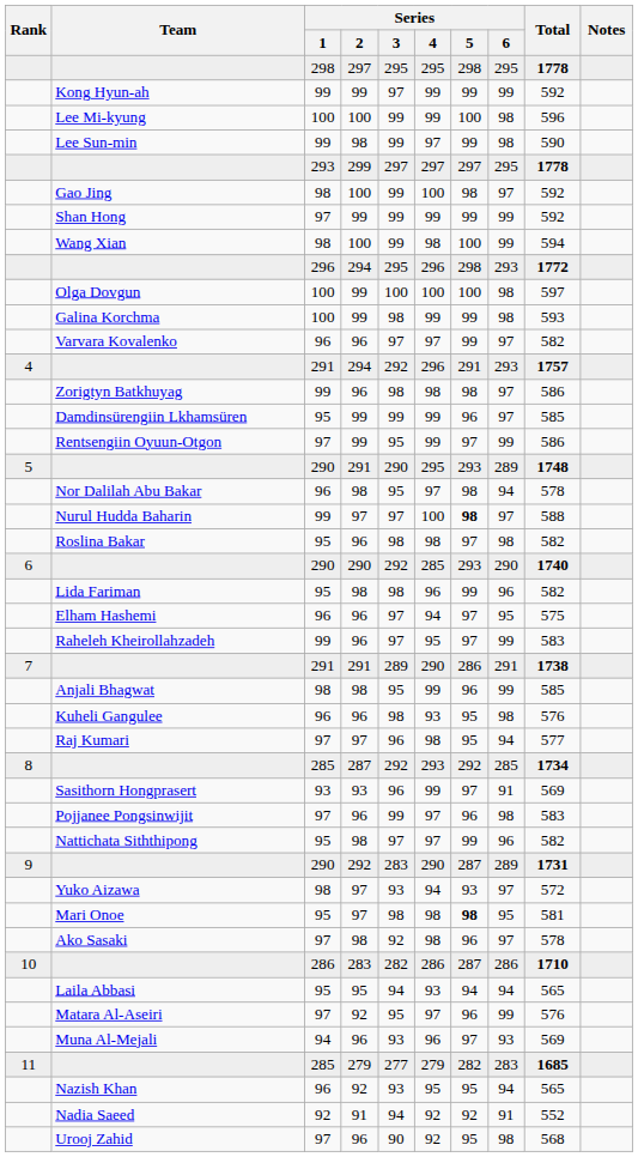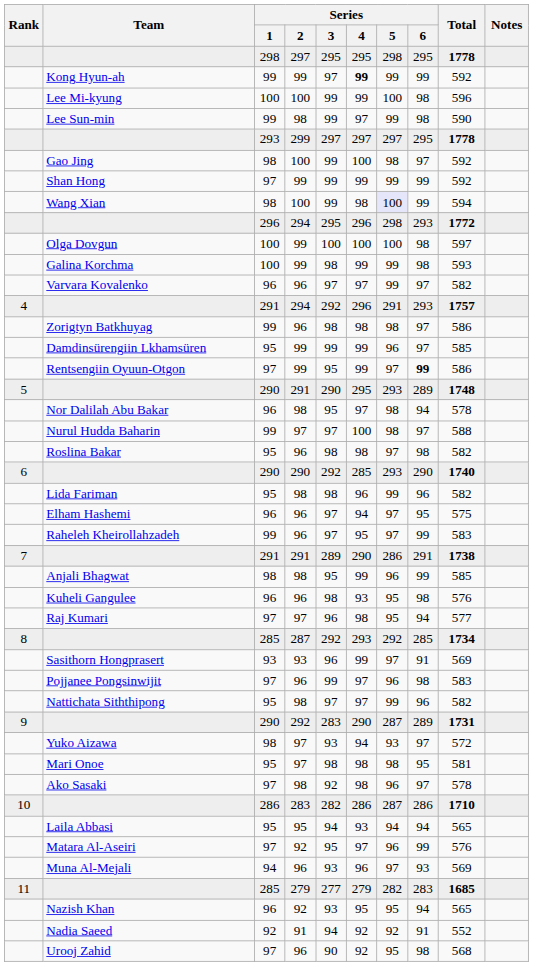 <table class="wikitable" style="text-align:center">
 <tr>
 <th rowspan=2 width=40>Rank</th>
 <th rowspan=2 width=250>Team</th>
 <th colspan=6>Series</th>
 <th rowspan=2 width=50>Total</th>
 <th rowspan=2 width=45>Notes</th>
 </tr>
 <tr>
 <th width=30>1</th>
 <th width=30>2</th>
 <th width=30>3</th>
 <th width=30>4</th>
 <th width=30>5</th>
 <th width=30>6</th>
 </tr>
 <tr bgcolor=eeeeee>
 <td></td>
 <td align=left></td>
 <td>298</td>
 <td>297</td>
 <td>295</td>
 <td>295</td>
 <td>298</td>
 <td>295</td>
 <td><strong>1778</strong></td>
 <td></td>
 </tr>
 <tr>
 <td></td>
 <td align=left><a href='#'>Kong Hyun-ah</a></td>
 <td>99</td>
 <td>99</td>
 <td>97</td>
-<td>99</td>
+<td><strong>99</strong></td>
 <td>99</td>
 <td>99</td>
 <td>592</td>
 <td></td>
 </tr>
 <tr>
 <td></td>
 <td align=left><a href='#'>Lee Mi-kyung</a></td>
 <td>100</td>
 <td>100</td>
 <td>99</td>
 <td>99</td>
 <td>100</td>
 <td>98</td>
 <td>596</td>
 <td></td>
 </tr>
 <tr>
 <td></td>
 <td align=left><a href='#'>Lee Sun-min</a></td>
 <td>99</td>
 <td>98</td>
 <td>99</td>
 <td>97</td>
 <td>99</td>
 <td>98</td>
 <td>590</td>
 <td></td>
 </tr>
 <tr bgcolor=eeeeee>
 <td></td>
 <td align=left></td>
 <td>293</td>
 <td>299</td>
 <td>297</td>
 <td>297</td>
 <td>297</td>
 <td>295</td>
 <td><strong>1778</strong></td>
 <td></td>
 </tr>
 <tr>
 <td></td>
 <td align=left><a href='#'>Gao Jing</a></td>
 <td>98</td>
 <td>100</td>
 <td>99</td>
 <td>100</td>
 <td>98</td>
 <td>97</td>
 <td>592</td>
 <td></td>
 </tr>
 <tr>
 <td></td>
 <td align=left><a href='#'>Shan Hong</a></td>
 <td>97</td>
 <td>99</td>
 <td>99</td>
 <td>99</td>
 <td>99</td>
 <td>99</td>
 <td>592</td>
 <td></td>
 </tr>
 <tr>
 <td></td>
 <td align=left><a href='#'>Wang Xian</a></td>
 <td>98</td>
 <td>100</td>
 <td>99</td>
 <td>98</td>
-<td>100</td>
+<td style="background: lavender;">100</td>
 <td>99</td>
 <td>594</td>
 <td></td>
 </tr>
 <tr bgcolor=eeeeee>
 <td></td>
 <td align=left></td>
 <td>296</td>
 <td>294</td>
 <td>295</td>
 <td>296</td>
 <td>298</td>
 <td>293</td>
 <td><strong>1772</strong></td>
 <td></td>
 </tr>
 <tr>
 <td></td>
 <td align=left><a href='#'>Olga Dovgun</a></td>
 <td>100</td>
 <td>99</td>
 <td>100</td>
 <td>100</td>
 <td>100</td>
 <td>98</td>
 <td>597</td>
 <td></td>
 </tr>
 <tr>
 <td></td>
 <td align=left><a href='#'>Galina Korchma</a></td>
 <td>100</td>
 <td>99</td>
 <td>98</td>
 <td>99</td>
 <td>99</td>
 <td>98</td>
 <td>593</td>
 <td></td>
 </tr>
 <tr>
 <td></td>
 <td align=left><a href='#'>Varvara Kovalenko</a></td>
 <td>96</td>
 <td>96</td>
 <td>97</td>
 <td>97</td>
 <td>99</td>
 <td>97</td>
 <td>582</td>
 <td></td>
 </tr>
 <tr bgcolor=eeeeee>
 <td>4</td>
 <td align=left></td>
 <td>291</td>
 <td>294</td>
 <td>292</td>
 <td>296</td>
 <td>291</td>
 <td>293</td>
 <td><strong>1757</strong></td>
 <td></td>
 </tr>
 <tr>
 <td></td>
 <td align=left><a href='#'>Zorigtyn Batkhuyag</a></td>
 <td>99</td>
 <td>96</td>
 <td>98</td>
 <td>98</td>
 <td>98</td>
 <td>97</td>
 <td>586</td>
 <td></td>
 </tr>
 <tr>
 <td></td>
 <td align=left><a href='#'>Damdinsürengiin Lkhamsüren</a></td>
 <td>95</td>
 <td>99</td>
 <td>99</td>
 <td>99</td>
 <td>96</td>
 <td>97</td>
 <td>585</td>
 <td></td>
 </tr>
 <tr>
 <td></td>
 <td align=left><a href='#'>Rentsengiin Oyuun-Otgon</a></td>
 <td>97</td>
 <td>99</td>
 <td>95</td>
 <td>99</td>
 <td>97</td>
-<td>99</td>
+<td><strong>99</strong></td>
 <td>586</td>
 <td></td>
 </tr>
 <tr bgcolor=eeeeee>
 <td>5</td>
 <td align=left></td>
 <td>290</td>
 <td>291</td>
 <td>290</td>
 <td>295</td>
 <td>293</td>
 <td>289</td>
 <td><strong>1748</strong></td>
 <td></td>
 </tr>
 <tr>
 <td></td>
 <td align=left><a href='#'>Nor Dalilah Abu Bakar</a></td>
 <td>96</td>
 <td>98</td>
 <td>95</td>
 <td>97</td>
 <td>98</td>
 <td>94</td>
 <td>578</td>
 <td></td>
 </tr>
 <tr>
 <td></td>
 <td align=left><a href='#'>Nurul Hudda Baharin</a></td>
 <td>99</td>
 <td>97</td>
 <td>97</td>
 <td>100</td>
-<td><strong>98</strong></td>
+<td>98</td>
 <td>97</td>
 <td>588</td>
 <td></td>
 </tr>
 <tr>
 <td></td>
 <td align=left><a href='#'>Roslina Bakar</a></td>
 <td>95</td>
 <td>96</td>
 <td>98</td>
 <td>98</td>
 <td>97</td>
 <td>98</td>
 <td>582</td>
 <td></td>
 </tr>
 <tr bgcolor=eeeeee>
 <td>6</td>
 <td align=left></td>
 <td>290</td>
 <td>290</td>
 <td>292</td>
 <td>285</td>
 <td>293</td>
 <td>290</td>
 <td><strong>1740</strong></td>
 <td></td>
 </tr>
 <tr>
 <td></td>
 <td align=left><a href='#'>Lida Fariman</a></td>
 <td>95</td>
 <td>98</td>
 <td>98</td>
 <td>96</td>
 <td>99</td>
 <td>96</td>
 <td>582</td>
 <td></td>
 </tr>
 <tr>
 <td></td>
 <td align=left><a href='#'>Elham Hashemi</a></td>
 <td>96</td>
 <td>96</td>
 <td>97</td>
 <td>94</td>
 <td>97</td>
 <td>95</td>
 <td>575</td>
 <td></td>
 </tr>
 <tr>
 <td></td>
 <td align=left><a href='#'>Raheleh Kheirollahzadeh</a></td>
 <td>99</td>
 <td>96</td>
 <td>97</td>
 <td>95</td>
 <td>97</td>
 <td>99</td>
 <td>583</td>
 <td></td>
 </tr>
 <tr bgcolor=eeeeee>
 <td>7</td>
 <td align=left></td>
 <td>291</td>
 <td>291</td>
 <td>289</td>
 <td>290</td>
 <td>286</td>
 <td>291</td>
 <td><strong>1738</strong></td>
 <td></td>
 </tr>
 <tr>
 <td></td>
 <td align=left><a href='#'>Anjali Bhagwat</a></td>
 <td>98</td>
 <td>98</td>
 <td>95</td>
 <td>99</td>
 <td>96</td>
 <td>99</td>
 <td>585</td>
 <td></td>
 </tr>
 <tr>
 <td></td>
 <td align=left><a href='#'>Kuheli Gangulee</a></td>
 <td>96</td>
 <td>96</td>
 <td>98</td>
 <td>93</td>
 <td>95</td>
 <td>98</td>
 <td>576</td>
 <td></td>
 </tr>
 <tr>
 <td></td>
 <td align=left><a href='#'>Raj Kumari</a></td>
 <td>97</td>
 <td>97</td>
 <td>96</td>
 <td>98</td>
 <td>95</td>
 <td>94</td>
 <td>577</td>
 <td></td>
 </tr>
 <tr bgcolor=eeeeee>
 <td>8</td>
 <td align=left></td>
 <td>285</td>
 <td>287</td>
 <td>292</td>
 <td>293</td>
 <td>292</td>
 <td>285</td>
 <td><strong>1734</strong></td>
 <td></td>
 </tr>
 <tr>
 <td></td>
 <td align=left><a href='#'>Sasithorn Hongprasert</a></td>
 <td>93</td>
 <td>93</td>
 <td>96</td>
 <td>99</td>
 <td>97</td>
 <td>91</td>
 <td>569</td>
 <td></td>
 </tr>
 <tr>
 <td></td>
 <td align=left><a href='#'>Pojjanee Pongsinwijit</a></td>
 <td>97</td>
 <td>96</td>
 <td>99</td>
 <td>97</td>
 <td>96</td>
 <td>98</td>
 <td>583</td>
 <td></td>
 </tr>
 <tr>
 <td></td>
 <td align=left><a href='#'>Nattichata Siththipong</a></td>
 <td>95</td>
 <td>98</td>
 <td>97</td>
 <td>97</td>
 <td>99</td>
 <td>96</td>
 <td>582</td>
 <td></td>
 </tr>
 <tr bgcolor=eeeeee>
 <td>9</td>
 <td align=left></td>
 <td>290</td>
 <td>292</td>
 <td>283</td>
 <td>290</td>
 <td>287</td>
 <td>289</td>
 <td><strong>1731</strong></td>
 <td></td>
 </tr>
 <tr>
 <td></td>
 <td align=left><a href='#'>Yuko Aizawa</a></td>
 <td>98</td>
 <td>97</td>
 <td>93</td>
 <td>94</td>
 <td>93</td>
 <td>97</td>
 <td>572</td>
 <td></td>
 </tr>
 <tr>
 <td></td>
 <td align=left><a href='#'>Mari Onoe</a></td>
 <td>95</td>
 <td>97</td>
 <td>98</td>
 <td>98</td>
-<td><strong>98</strong></td>
+<td>98</td>
 <td>95</td>
 <td>581</td>
 <td></td>
 </tr>
 <tr>
 <td></td>
 <td align=left><a href='#'>Ako Sasaki</a></td>
 <td>97</td>
 <td>98</td>
 <td>92</td>
 <td>98</td>
 <td>96</td>
 <td>97</td>
 <td>578</td>
 <td></td>
 </tr>
 <tr bgcolor=eeeeee>
 <td>10</td>
 <td align=left></td>
 <td>286</td>
 <td>283</td>
 <td>282</td>
 <td>286</td>
 <td>287</td>
 <td>286</td>
 <td><strong>1710</strong></td>
 <td></td>
 </tr>
 <tr>
 <td></td>
 <td align=left><a href='#'>Laila Abbasi</a></td>
 <td>95</td>
 <td>95</td>
 <td>94</td>
 <td>93</td>
 <td>94</td>
 <td>94</td>
 <td>565</td>
 <td></td>
 </tr>
 <tr>
 <td></td>
 <td align=left><a href='#'>Matara Al-Aseiri</a></td>
 <td>97</td>
 <td>92</td>
 <td>95</td>
 <td>97</td>
 <td>96</td>
 <td>99</td>
 <td>576</td>
 <td></td>
 </tr>
 <tr>
 <td></td>
 <td align=left><a href='#'>Muna Al-Mejali</a></td>
 <td>94</td>
 <td>96</td>
 <td>93</td>
 <td>96</td>
 <td>97</td>
 <td>93</td>
 <td>569</td>
 <td></td>
 </tr>
 <tr bgcolor=eeeeee>
 <td>11</td>
 <td align=left></td>
 <td>285</td>
 <td>279</td>
 <td>277</td>
 <td>279</td>
 <td>282</td>
 <td>283</td>
 <td><strong>1685</strong></td>
 <td></td>
 </tr>
 <tr>
 <td></td>
 <td align=left><a href='#'>Nazish Khan</a></td>
 <td>96</td>
 <td>92</td>
 <td>93</td>
 <td>95</td>
 <td>95</td>
 <td>94</td>
 <td>565</td>
 <td></td>
 </tr>
 <tr>
 <td></td>
 <td align=left><a href='#'>Nadia Saeed</a></td>
 <td>92</td>
 <td>91</td>
 <td>94</td>
 <td>92</td>
 <td>92</td>
 <td>91</td>
 <td>552</td>
 <td></td>
 </tr>
 <tr>
 <td></td>
 <td align=left><a href='#'>Urooj Zahid</a></td>
 <td>97</td>
 <td>96</td>
 <td>90</td>
 <td>92</td>
 <td>95</td>
 <td>98</td>
 <td>568</td>
 <td></td>
 </tr>
 </table>
